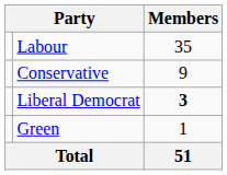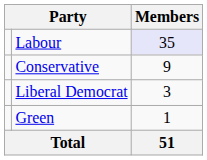 <table class="wikitable">
 <tr>
 <th colspan="2"  style="text-align:center; vertical-align:bottom;">Party</th>
 <th style="vertical-align:bottom;">Members</th>
 </tr>
 <tr>
 <td></td>
 <td><a href='#'>Labour</a></td>
-<td style="text-align:center;">35</td>
+<td style="background: lavender; text-align:center;">35</td>
 </tr>
 <tr>
 <td></td>
 <td><a href='#'>Conservative</a></td>
 <td style="text-align:center;">9</td>
 </tr>
 <tr>
 <td></td>
 <td><a href='#'>Liberal Democrat</a></td>
-<td style="text-align:center;"><strong>3</strong></td>
+<td style="text-align:center;">3</td>
 </tr>
 <tr>
 <td></td>
 <td><a href='#'>Green</a></td>
 <td style="text-align:center;">1</td>
 </tr>
 <tr>
 <th colspan="2" style="text-align:center;"><strong>Total</strong></th>
 <th style="text-align:center;"><strong>51</strong></th>
 </tr>
 </table>
